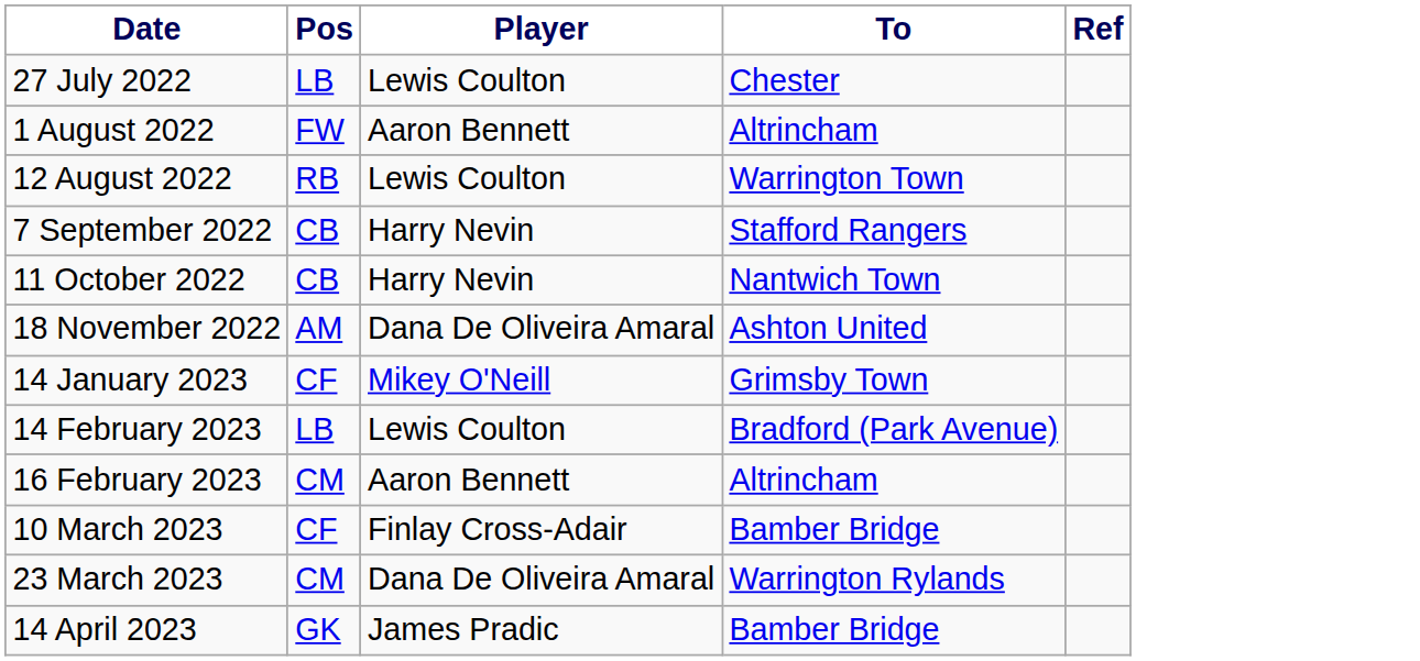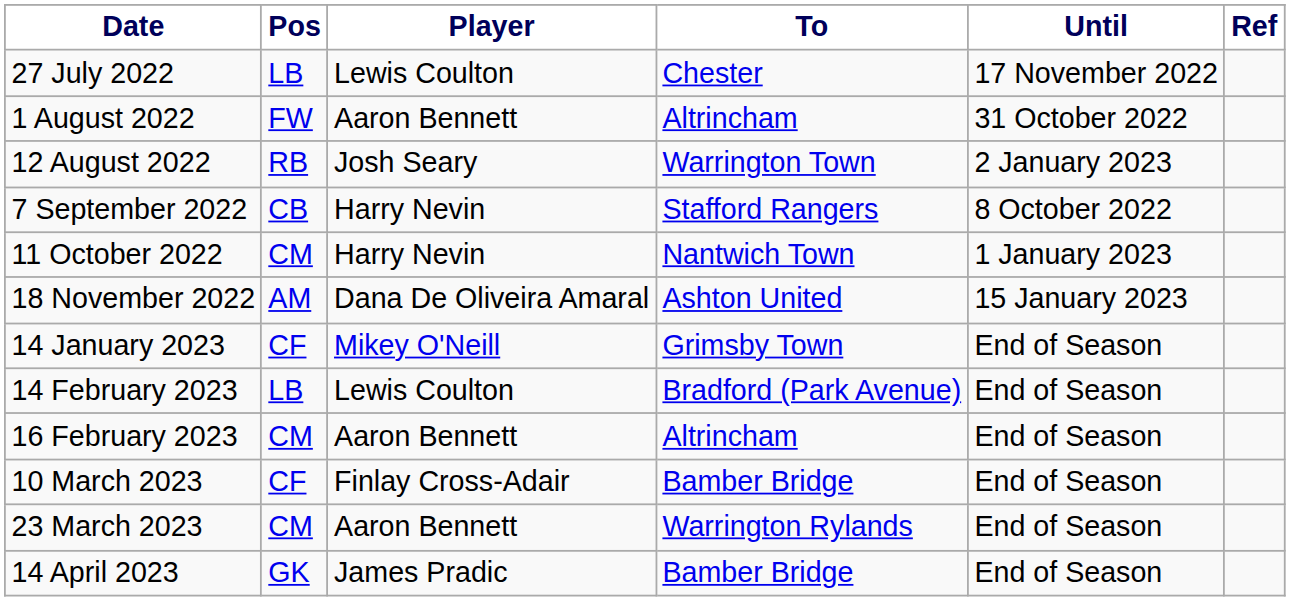 <table class="wikitable plainrowheaders sortable">
 <tr>
 <th style="background:#FFFFFF; color:#00005a; ">Date</th>
 <th style="background:#FFFFFF; color:#00005a; ">Pos</th>
 <th style="background:#FFFFFF; color:#00005a; ">Player</th>
 <th style="background:#FFFFFF; color:#00005a; ">To</th>
+<th style="background:#FFFFFF; color:#00005a; ">Until</th>
 <th style="background:#FFFFFF; color:#00005a; ">Ref</th>
 </tr>
 <tr>
 <td>27 July 2022</td>
 <td><a href='#'>LB</a></td>
 <td> Lewis Coulton</td>
 <td> <a href='#'>Chester</a></td>
+<td>17 November 2022</td>
 <td></td>
 </tr>
 <tr>
 <td>1 August 2022</td>
 <td><a href='#'>FW</a></td>
 <td> Aaron Bennett</td>
 <td> <a href='#'>Altrincham</a></td>
+<td>31 October 2022</td>
 <td></td>
 </tr>
 <tr>
 <td>12 August 2022</td>
 <td><a href='#'>RB</a></td>
-<td> Lewis Coulton</td>
+<td> Josh Seary</td>
 <td> <a href='#'>Warrington Town</a></td>
+<td>2 January 2023</td>
 <td></td>
 </tr>
 <tr>
 <td>7 September 2022</td>
 <td><a href='#'>CB</a></td>
 <td> Harry Nevin</td>
 <td> <a href='#'>Stafford Rangers</a></td>
+<td>8 October 2022</td>
 <td></td>
 </tr>
 <tr>
 <td>11 October 2022</td>
-<td><a href='#'>CB</a></td>
+<td><a href='#'>CM</a></td>
 <td> Harry Nevin</td>
 <td> <a href='#'>Nantwich Town</a></td>
+<td>1 January 2023</td>
 <td></td>
 </tr>
 <tr>
 <td>18 November 2022</td>
 <td><a href='#'>AM</a></td>
 <td> Dana De Oliveira Amaral</td>
 <td> <a href='#'>Ashton United</a></td>
+<td>15 January 2023</td>
 <td></td>
 </tr>
 <tr>
 <td>14 January 2023</td>
 <td><a href='#'>CF</a></td>
 <td> <a href='#'>Mikey O'Neill</a></td>
 <td> <a href='#'>Grimsby Town</a></td>
+<td>End of Season</td>
 <td></td>
 </tr>
 <tr>
 <td>14 February 2023</td>
 <td><a href='#'>LB</a></td>
 <td> Lewis Coulton</td>
 <td> <a href='#'>Bradford (Park Avenue)</a></td>
+<td>End of Season</td>
 <td></td>
 </tr>
 <tr>
 <td>16 February 2023</td>
 <td><a href='#'>CM</a></td>
 <td> Aaron Bennett</td>
 <td> <a href='#'>Altrincham</a></td>
+<td>End of Season</td>
 <td></td>
 </tr>
 <tr>
 <td>10 March 2023</td>
 <td><a href='#'>CF</a></td>
 <td> Finlay Cross-Adair</td>
 <td> <a href='#'>Bamber Bridge</a></td>
+<td>End of Season</td>
 <td></td>
 </tr>
 <tr>
 <td>23 March 2023</td>
 <td><a href='#'>CM</a></td>
-<td> Dana De Oliveira Amaral</td>
+<td> Aaron Bennett</td>
 <td> <a href='#'>Warrington Rylands</a></td>
+<td>End of Season</td>
 <td></td>
 </tr>
 <tr>
 <td>14 April 2023</td>
 <td><a href='#'>GK</a></td>
 <td> James Pradic</td>
 <td> <a href='#'>Bamber Bridge</a></td>
+<td>End of Season</td>
 <td></td>
 </tr>
 </table>
